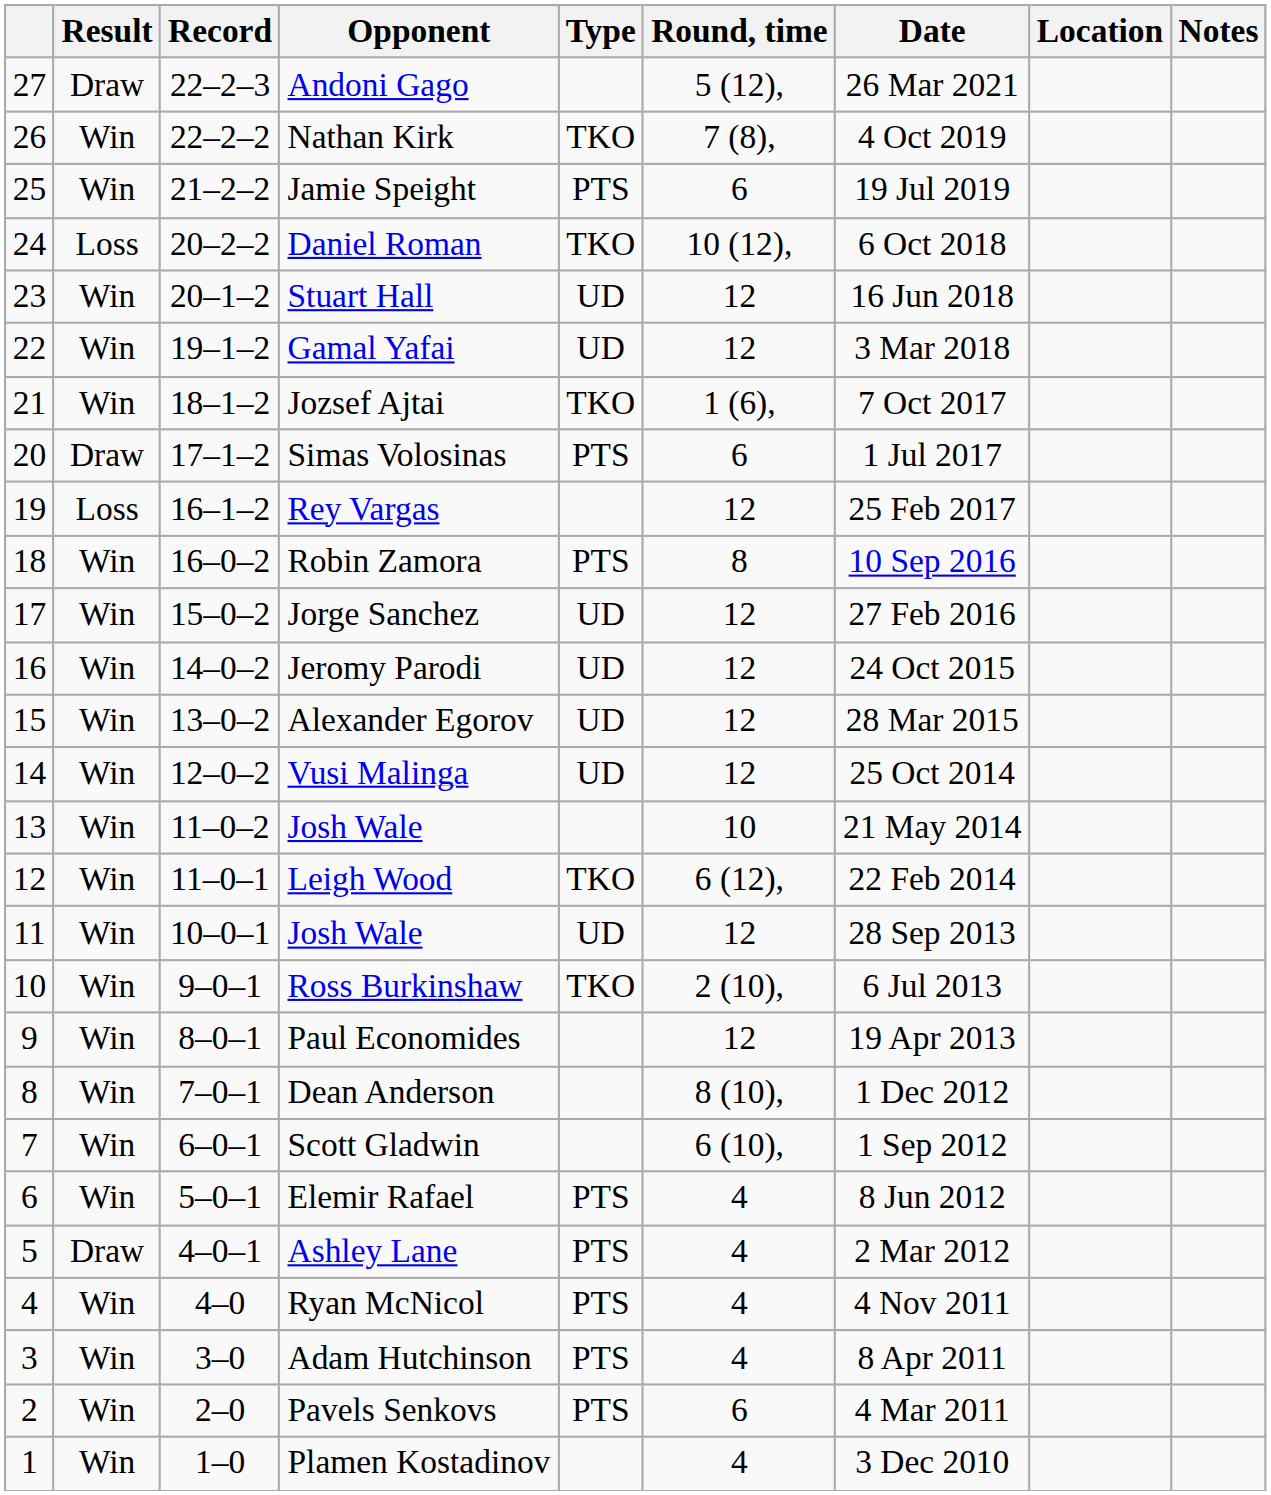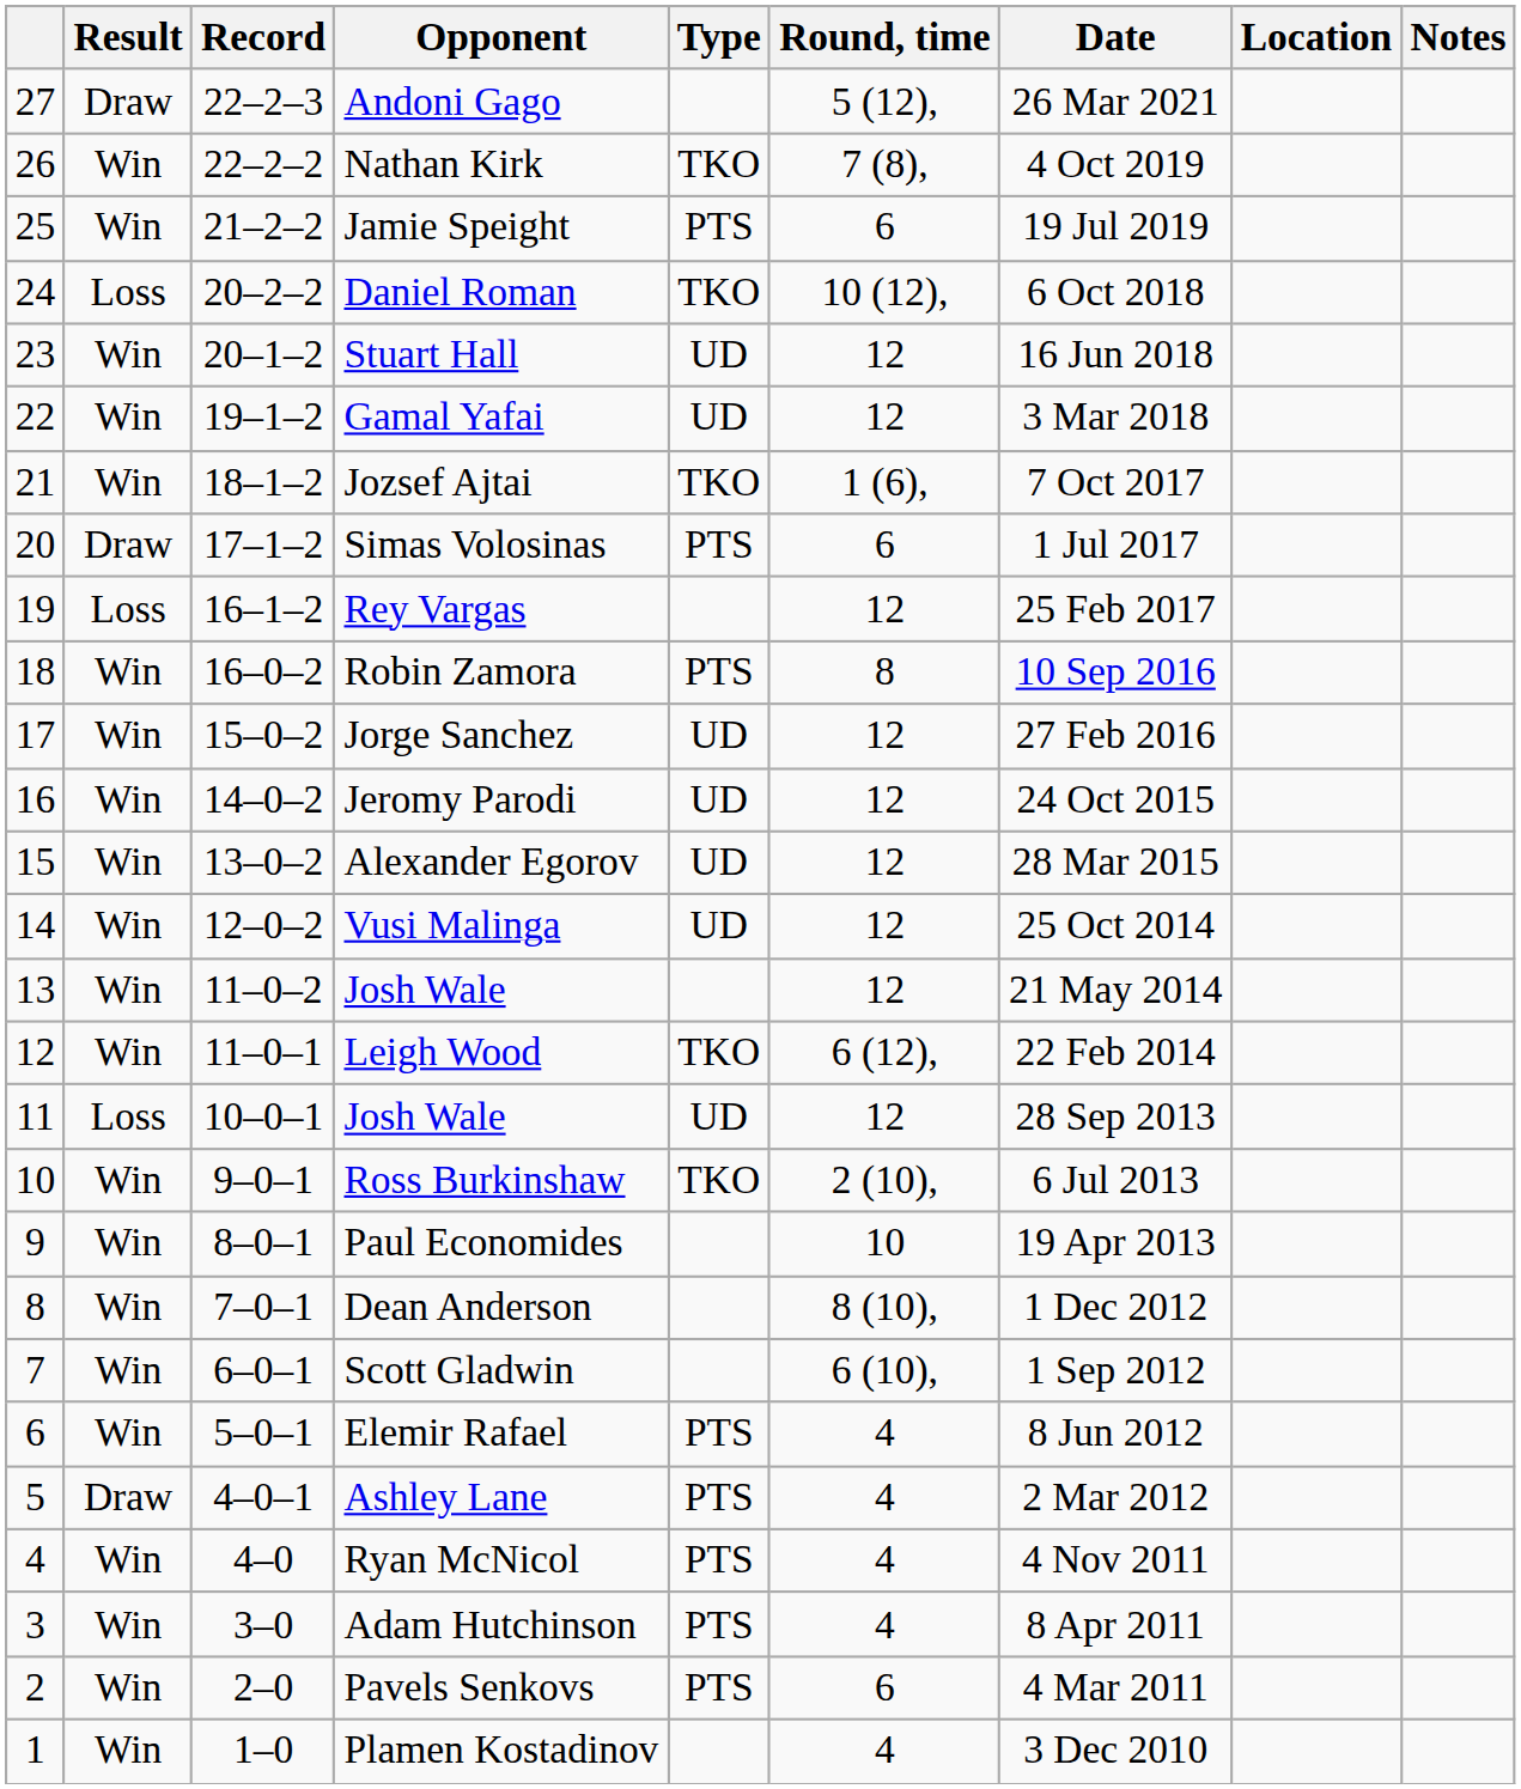 <table class="wikitable" style="text-align:center">
 <tr>
 <th></th>
 <th>Result</th>
 <th>Record</th>
 <th>Opponent</th>
 <th>Type</th>
 <th>Round, time</th>
 <th>Date</th>
 <th>Location</th>
 <th>Notes</th>
 </tr>
 <tr>
 <td>27</td>
 <td>Draw</td>
 <td>22–2–3</td>
 <td style="text-align:left;"> <a href='#'>Andoni Gago</a></td>
 <td></td>
 <td>5 (12), </td>
 <td>26 Mar 2021</td>
 <td style="text-align:left;"> </td>
 <td style="text-align:left;"></td>
 </tr>
 <tr>
 <td>26</td>
 <td>Win</td>
 <td>22–2–2</td>
 <td style="text-align:left;"> Nathan Kirk</td>
 <td>TKO</td>
 <td>7 (8), </td>
 <td>4 Oct 2019</td>
 <td style="text-align:left;"> </td>
 <td></td>
 </tr>
 <tr>
 <td>25</td>
 <td>Win</td>
 <td>21–2–2</td>
 <td style="text-align:left;"> Jamie Speight</td>
 <td>PTS</td>
 <td>6</td>
 <td>19 Jul 2019</td>
 <td style="text-align:left;"> </td>
 <td></td>
 </tr>
 <tr>
 <td>24</td>
 <td>Loss</td>
 <td>20–2–2</td>
 <td style="text-align:left;"> <a href='#'>Daniel Roman</a></td>
 <td>TKO</td>
 <td>10 (12), </td>
 <td>6 Oct 2018</td>
 <td style="text-align:left;"> </td>
 <td style="text-align:left;"></td>
 </tr>
 <tr>
 <td>23</td>
 <td>Win</td>
 <td>20–1–2</td>
 <td style="text-align:left;"> <a href='#'>Stuart Hall</a></td>
 <td>UD</td>
 <td>12</td>
 <td>16 Jun 2018</td>
 <td style="text-align:left;"> </td>
 <td style="text-align:left;"></td>
 </tr>
 <tr>
 <td>22</td>
 <td>Win</td>
 <td>19–1–2</td>
 <td style="text-align:left;"> <a href='#'>Gamal Yafai</a></td>
 <td>UD</td>
 <td>12</td>
 <td>3 Mar 2018</td>
 <td style="text-align:left;"> </td>
 <td style="text-align:left;"></td>
 </tr>
 <tr>
 <td>21</td>
 <td>Win</td>
 <td>18–1–2</td>
 <td style="text-align:left;"> Jozsef Ajtai</td>
 <td>TKO</td>
 <td>1 (6), </td>
 <td>7 Oct 2017</td>
 <td style="text-align:left;"> </td>
 <td></td>
 </tr>
 <tr>
 <td>20</td>
 <td>Draw</td>
 <td>17–1–2</td>
 <td style="text-align:left;"> Simas Volosinas</td>
 <td>PTS</td>
 <td>6</td>
 <td>1 Jul 2017</td>
 <td style="text-align:left;"> </td>
 <td></td>
 </tr>
 <tr>
 <td>19</td>
 <td>Loss</td>
 <td>16–1–2</td>
 <td style="text-align:left;"> <a href='#'>Rey Vargas</a></td>
 <td></td>
 <td>12</td>
 <td>25 Feb 2017</td>
 <td style="text-align:left;"> </td>
 <td style="text-align:left;"></td>
 </tr>
 <tr>
 <td>18</td>
 <td>Win</td>
 <td>16–0–2</td>
 <td style="text-align:left;"> Robin Zamora</td>
 <td>PTS</td>
 <td>8</td>
 <td><a href='#'>10 Sep 2016</a></td>
 <td style="text-align:left;"> </td>
 <td></td>
 </tr>
 <tr>
 <td>17</td>
 <td>Win</td>
 <td>15–0–2</td>
 <td style="text-align:left;"> Jorge Sanchez</td>
 <td>UD</td>
 <td>12</td>
 <td>27 Feb 2016</td>
 <td style="text-align:left;"> </td>
 <td style="text-align:left;"></td>
 </tr>
 <tr>
 <td>16</td>
 <td>Win</td>
 <td>14–0–2</td>
 <td style="text-align:left;"> Jeromy Parodi</td>
 <td>UD</td>
 <td>12</td>
 <td>24 Oct 2015</td>
 <td style="text-align:left;"> </td>
 <td style="text-align:left;"></td>
 </tr>
 <tr>
 <td>15</td>
 <td>Win</td>
 <td>13–0–2</td>
 <td style="text-align:left;"> Alexander Egorov</td>
 <td>UD</td>
 <td>12</td>
 <td>28 Mar 2015</td>
 <td style="text-align:left;"> </td>
 <td style="text-align:left;"></td>
 </tr>
 <tr>
 <td>14</td>
 <td>Win</td>
 <td>12–0–2</td>
 <td style="text-align:left;"> <a href='#'>Vusi Malinga</a></td>
 <td>UD</td>
 <td>12</td>
 <td>25 Oct 2014</td>
 <td style="text-align:left;"> </td>
 <td style="text-align:left;"></td>
 </tr>
 <tr>
 <td>13</td>
 <td>Win</td>
 <td>11–0–2</td>
 <td style="text-align:left;"> <a href='#'>Josh Wale</a></td>
 <td></td>
-<td>10</td>
+<td>12</td>
 <td>21 May 2014</td>
 <td style="text-align:left;"> </td>
 <td style="text-align:left;"></td>
 </tr>
 <tr>
 <td>12</td>
 <td>Win</td>
 <td>11–0–1</td>
 <td style="text-align:left;"> <a href='#'>Leigh Wood</a></td>
 <td>TKO</td>
 <td>6 (12), </td>
 <td>22 Feb 2014</td>
 <td style="text-align:left;"> </td>
 <td style="text-align:left;"></td>
 </tr>
 <tr>
 <td>11</td>
-<td>Win</td>
+<td>Loss</td>
 <td>10–0–1</td>
 <td style="text-align:left;"> <a href='#'>Josh Wale</a></td>
 <td>UD</td>
 <td>12</td>
 <td>28 Sep 2013</td>
 <td style="text-align:left;"> </td>
 <td></td>
 </tr>
 <tr>
 <td>10</td>
 <td>Win</td>
 <td>9–0–1</td>
 <td style="text-align:left;"> <a href='#'>Ross Burkinshaw</a></td>
 <td>TKO</td>
 <td>2 (10), </td>
 <td>6 Jul 2013</td>
 <td style="text-align:left;"> </td>
 <td style="text-align:left;"></td>
 </tr>
 <tr>
 <td>9</td>
 <td>Win</td>
 <td>8–0–1</td>
 <td style="text-align:left;"> Paul Economides</td>
 <td></td>
-<td>12</td>
+<td>10</td>
 <td>19 Apr 2013</td>
 <td style="text-align:left;"> </td>
 <td></td>
 </tr>
 <tr>
 <td>8</td>
 <td>Win</td>
 <td>7–0–1</td>
 <td style="text-align:left;"> Dean Anderson</td>
 <td></td>
 <td>8 (10), </td>
 <td>1 Dec 2012</td>
 <td style="text-align:left;"> </td>
 <td></td>
 </tr>
 <tr>
 <td>7</td>
 <td>Win</td>
 <td>6–0–1</td>
 <td style="text-align:left;"> Scott Gladwin</td>
 <td></td>
 <td>6 (10), </td>
 <td>1 Sep 2012</td>
 <td style="text-align:left;"> </td>
 <td style="text-align:left;"></td>
 </tr>
 <tr>
 <td>6</td>
 <td>Win</td>
 <td>5–0–1</td>
 <td style="text-align:left;"> Elemir Rafael</td>
 <td>PTS</td>
 <td>4</td>
 <td>8 Jun 2012</td>
 <td style="text-align:left;"> </td>
 <td></td>
 </tr>
 <tr>
 <td>5</td>
 <td>Draw</td>
 <td>4–0–1</td>
 <td style="text-align:left;"> <a href='#'>Ashley Lane</a></td>
 <td>PTS</td>
 <td>4</td>
 <td>2 Mar 2012</td>
 <td style="text-align:left;"> </td>
 <td></td>
 </tr>
 <tr>
 <td>4</td>
 <td>Win</td>
 <td>4–0</td>
 <td style="text-align:left;"> Ryan McNicol</td>
 <td>PTS</td>
 <td>4</td>
 <td>4 Nov 2011</td>
 <td style="text-align:left;"> </td>
 <td></td>
 </tr>
 <tr>
 <td>3</td>
 <td>Win</td>
 <td>3–0</td>
 <td style="text-align:left;"> Adam Hutchinson</td>
 <td>PTS</td>
 <td>4</td>
 <td>8 Apr 2011</td>
 <td style="text-align:left;"> </td>
 <td></td>
 </tr>
 <tr>
 <td>2</td>
 <td>Win</td>
 <td>2–0</td>
 <td style="text-align:left;"> Pavels Senkovs</td>
 <td>PTS</td>
 <td>6</td>
 <td>4 Mar 2011</td>
 <td style="text-align:left;"> </td>
 <td></td>
 </tr>
 <tr>
 <td>1</td>
 <td>Win</td>
 <td>1–0</td>
 <td style="text-align:left;"> Plamen Kostadinov</td>
 <td></td>
 <td>4</td>
 <td>3 Dec 2010</td>
 <td style="text-align:left;"> </td>
 <td></td>
 </tr>
 </table>
